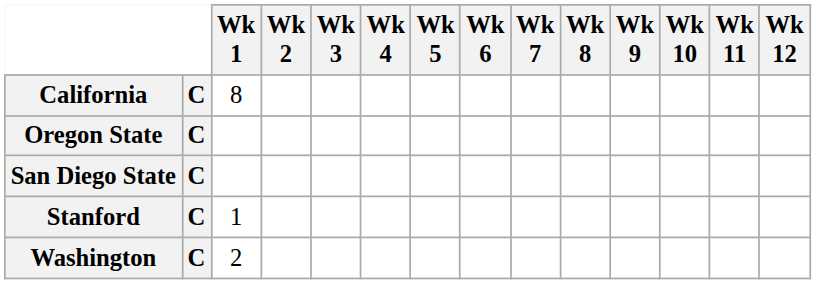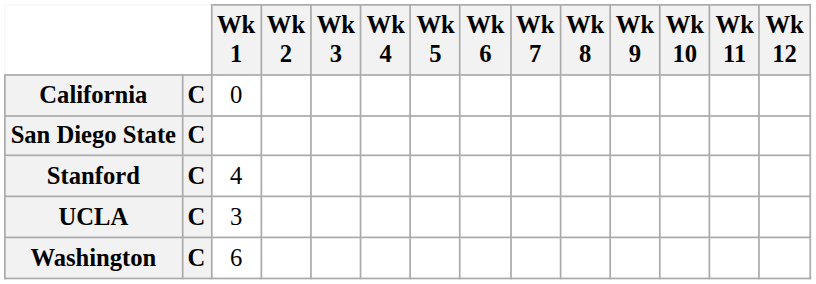 <table class="wikitable" style="white-space:nowrap;font-size:90%;">
 <tr>
 <th colspan=2 style="background:white; border-top-style:hidden; border-left-style:hidden;"> </th>
 <th>Wk<br>1</th>
 <th>Wk<br>2</th>
 <th>Wk<br>3</th>
 <th>Wk<br>4</th>
 <th>Wk<br>5</th>
 <th>Wk<br>6</th>
 <th>Wk<br>7</th>
 <th>Wk<br>8</th>
 <th>Wk<br>9</th>
 <th>Wk<br>10</th>
 <th>Wk<br>11</th>
 <th>Wk<br>12</th>
 </tr>
 <tr style="text-align:center;">
 <th>California</th>
 <th>C</th>
-<td style="background:#FFF;"> 8</td>
-<td style="background:#FFF;"></td>
-<td style="background:#FFF;"></td>
-<td style="background:#FFF;"></td>
-<td style="background:#FFF;"></td>
-<td style="background:#FFF;"></td>
-<td style="background:#FFF;"></td>
-<td style="background:#FFF;"></td>
-<td style="background:#FFF;"></td>
-<td style="background:#FFF;"></td>
-<td style="background:#FFF;"></td>
-<td style="background:#FFF;"></td>
-</tr>
-<tr style="text-align:center;">
-<th>Oregon State</th>
-<th>C</th>
-<td style="background:#FFF;"></td>
+<td style="background:#FFF;"> 0</td>
 <td style="background:#FFF;"></td>
 <td style="background:#FFF;"></td>
 <td style="background:#FFF;"></td>
 <td style="background:#FFF;"></td>
 <td style="background:#FFF;"></td>
 <td style="background:#FFF;"></td>
 <td style="background:#FFF;"></td>
 <td style="background:#FFF;"></td>
 <td style="background:#FFF;"></td>
 <td style="background:#FFF;"></td>
 <td style="background:#FFF;"></td>
 </tr>
 <tr style="text-align:center;">
 <th>San Diego State</th>
 <th>C</th>
 <td style="background:#FFF;"></td>
 <td style="background:#FFF;"></td>
 <td style="background:#FFF;"></td>
 <td style="background:#FFF;"></td>
 <td style="background:#FFF;"></td>
 <td style="background:#FFF;"></td>
 <td style="background:#FFF;"></td>
 <td style="background:#FFF;"></td>
 <td style="background:#FFF;"></td>
 <td style="background:#FFF;"></td>
 <td style="background:#FFF;"></td>
 <td style="background:#FFF;"></td>
 </tr>
 <tr style="text-align:center;">
 <th>Stanford</th>
 <th>C</th>
-<td style="background:#FFF;"> 1</td>
+<td style="background:#FFF;"> 4</td>
+<td style="background:#FFF;"></td>
+<td style="background:#FFF;"></td>
+<td style="background:#FFF;"></td>
+<td style="background:#FFF;"></td>
+<td style="background:#FFF;"></td>
+<td style="background:#FFF;"></td>
+<td style="background:#FFF;"></td>
+<td style="background:#FFF;"></td>
+<td style="background:#FFF;"></td>
+<td style="background:#FFF;"></td>
+<td style="background:#FFF;"></td>
+</tr>
+<tr style="text-align:center;">
+<th>UCLA</th>
+<th>C</th>
+<td style="background:#FFF;"> 3</td>
 <td style="background:#FFF;"></td>
 <td style="background:#FFF;"></td>
 <td style="background:#FFF;"></td>
 <td style="background:#FFF;"></td>
 <td style="background:#FFF;"></td>
 <td style="background:#FFF;"></td>
 <td style="background:#FFF;"></td>
 <td style="background:#FFF;"></td>
 <td style="background:#FFF;"></td>
 <td style="background:#FFF;"></td>
 <td style="background:#FFF;"></td>
 </tr>
 <tr style="text-align:center;">
 <th>Washington</th>
 <th>C</th>
-<td style="background:#FFF;"> 2</td>
+<td style="background:#FFF;"> 6</td>
 <td style="background:#FFF;"></td>
 <td style="background:#FFF;"></td>
 <td style="background:#FFF;"></td>
 <td style="background:#FFF;"></td>
 <td style="background:#FFF;"></td>
 <td style="background:#FFF;"></td>
 <td style="background:#FFF;"></td>
 <td style="background:#FFF;"></td>
 <td style="background:#FFF;"></td>
 <td style="background:#FFF;"></td>
 <td style="background:#FFF;"></td>
 </tr>
 </table>
